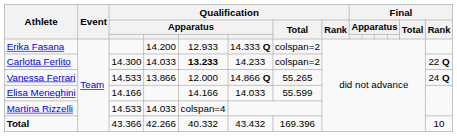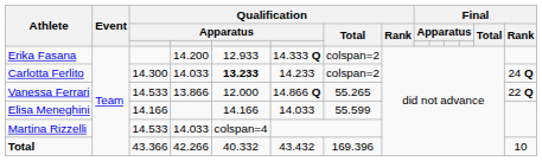 <table class="wikitable" style="font-size:90%">
 <tr>
 <th rowspan=3>Athlete</th>
 <th rowspan=3>Event</th>
 <th colspan=6>Qualification</th>
 <th colspan=6>Final</th>
 </tr>
 <tr style="font-size:95%">
 <th colspan=4>Apparatus</th>
 <th rowspan=2>Total</th>
 <th rowspan=2>Rank</th>
 <th colspan=4>Apparatus</th>
 <th rowspan=2>Total</th>
 <th rowspan=2>Rank</th>
 </tr>
 <tr style="font-size:95%">
 <th></th>
 <th></th>
 <th></th>
 <th></th>
 <th></th>
 <th></th>
 <th></th>
 <th></th>
 </tr>
 <tr align=center>
 <td align=left><a href='#'>Erika Fasana</a></td>
 <td align=left rowspan=6><a href='#'>Team</a></td>
 <td></td>
 <td>14.200</td>
 <td>12.933</td>
 <td>14.333 <strong>Q</strong></td>
 <td>colspan=2 </td>
 <td rowspan=6 colspan=6>did not advance</td>
 </tr>
 <tr align=center>
 <td align=left><a href='#'>Carlotta Ferlito</a></td>
 <td>14.300</td>
 <td>14.033</td>
 <td><strong>13.233</strong></td>
 <td>14.233</td>
 <td>colspan=2 </td>
-<td>22 <strong>Q</strong></td>
+<td>24 <strong>Q</strong></td>
 </tr>
 <tr align=center>
 <td align=left><a href='#'>Vanessa Ferrari</a></td>
 <td>14.533</td>
 <td>13.866</td>
 <td>12.000</td>
 <td>14.866 <strong>Q</strong></td>
 <td>55.265</td>
-<td>24 <strong>Q</strong></td>
+<td>22 <strong>Q</strong></td>
 </tr>
 <tr align=center>
 <td align=left><a href='#'>Elisa Meneghini</a></td>
 <td>14.166</td>
 <td></td>
 <td>14.166</td>
 <td>14.033</td>
 <td>55.599</td>
 </tr>
 <tr align=center>
 <td align=left><a href='#'>Martina Rizzelli</a></td>
 <td>14.533</td>
 <td>14.033</td>
 <td>colspan=4 </td>
 </tr>
 <tr align=center>
 <td align=left><strong>Total</strong></td>
 <td>43.366</td>
 <td>42.266</td>
 <td>40.332</td>
 <td>43.432</td>
 <td>169.396</td>
 <td>10</td>
 </tr>
 </table>
